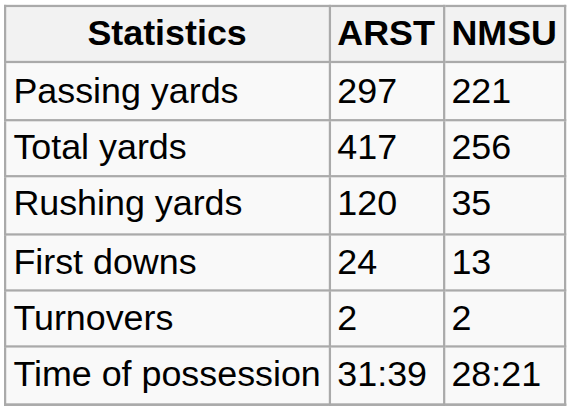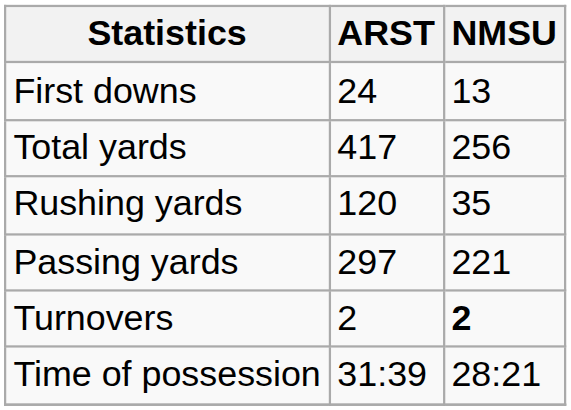 <table class="wikitable" style="float: left;">
 <tr>
 <th>Statistics</th>
 <th>ARST</th>
 <th>NMSU</th>
 </tr>
 <tr>
-<td>Passing yards</td>
-<td>297</td>
-<td>221</td>
+<td>First downs</td>
+<td>24</td>
+<td>13</td>
 </tr>
 <tr>
 <td>Total yards</td>
 <td>417</td>
 <td>256</td>
 </tr>
 <tr>
 <td>Rushing yards</td>
 <td>120</td>
 <td>35</td>
 </tr>
 <tr>
-<td>First downs</td>
-<td>24</td>
-<td>13</td>
+<td>Passing yards</td>
+<td>297</td>
+<td>221</td>
 </tr>
 <tr>
 <td>Turnovers</td>
 <td>2</td>
-<td>2</td>
+<td><strong>2</strong></td>
 </tr>
 <tr>
 <td>Time of possession</td>
 <td>31:39</td>
 <td>28:21</td>
 </tr>
 <tr>
 </tr>
 </table>
